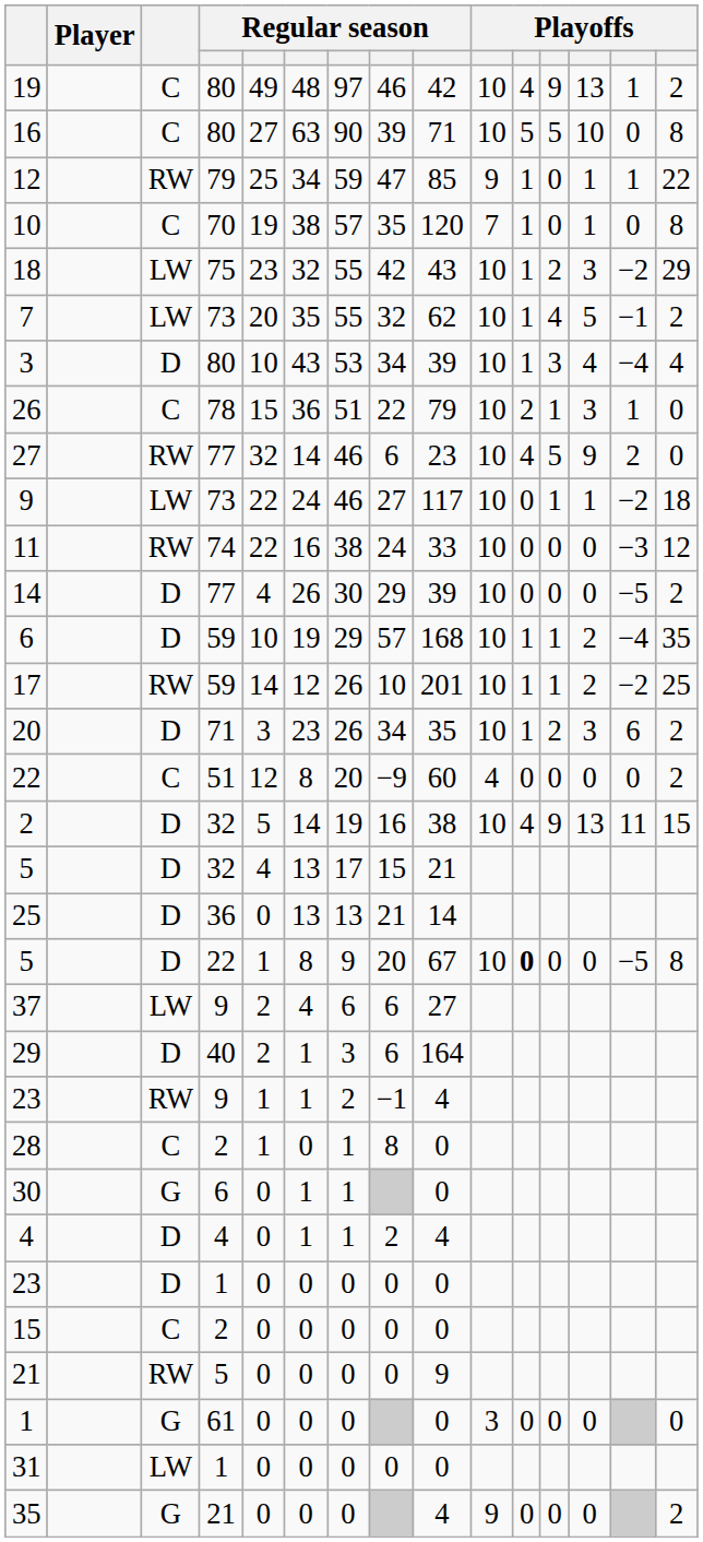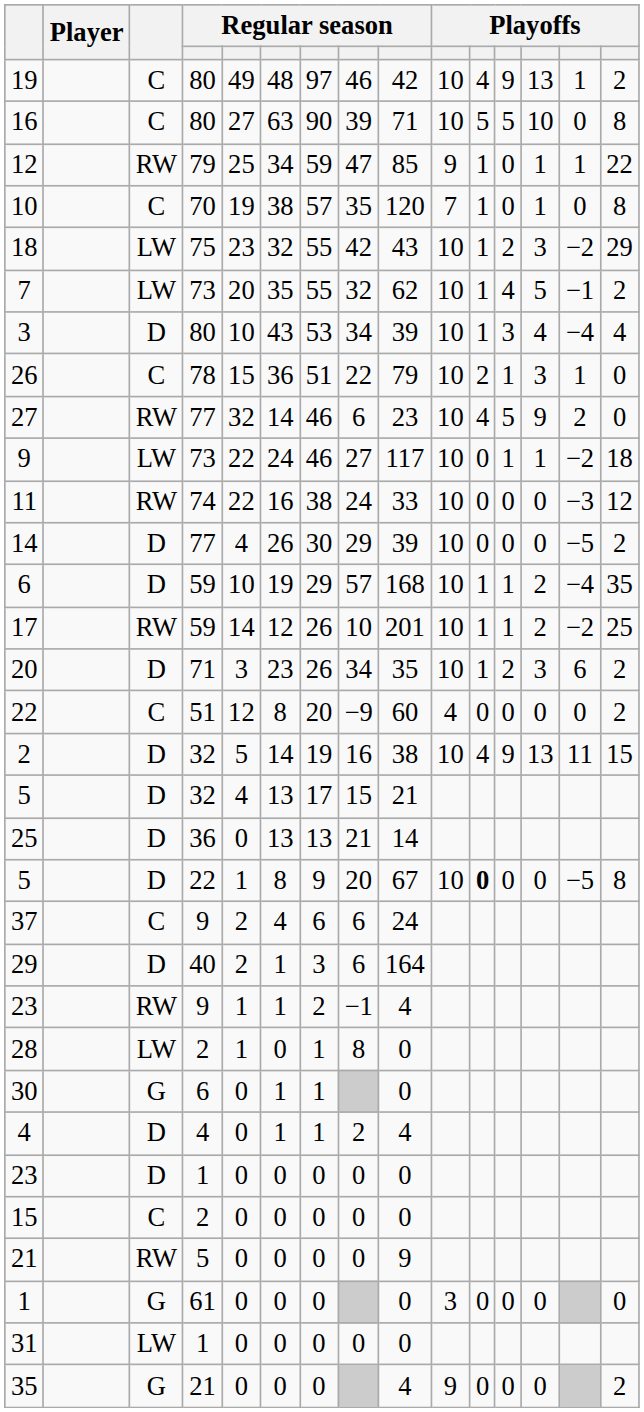 <table class="wikitable sortable plainrowheaders" style="text-align:center;">
 <tr>
 <th scope="col" data-sort-type="number" rowspan="2"></th>
 <th scope="col" rowspan="2">Player</th>
 <th scope="col" rowspan="2"></th>
 <th scope=colgroup colspan=6>Regular season</th>
 <th scope=colgroup colspan=6>Playoffs</th>
 </tr>
 <tr>
 <th scope="col" data-sort-type="number"></th>
 <th scope="col" data-sort-type="number"></th>
 <th scope="col" data-sort-type="number"></th>
 <th scope="col" data-sort-type="number"></th>
 <th scope="col" data-sort-type="number"></th>
 <th scope="col" data-sort-type="number"></th>
 <th scope="col" data-sort-type="number"></th>
 <th scope="col" data-sort-type="number"></th>
 <th scope="col" data-sort-type="number"></th>
 <th scope="col" data-sort-type="number"></th>
 <th scope="col" data-sort-type="number"></th>
 <th scope="col" data-sort-type="number"></th>
 </tr>
 <tr>
 <td scope="row">19</td>
 <td align="left"></td>
 <td>C</td>
 <td>80</td>
 <td>49</td>
 <td>48</td>
 <td>97</td>
 <td>46</td>
 <td>42</td>
 <td>10</td>
 <td>4</td>
 <td>9</td>
 <td>13</td>
 <td>1</td>
 <td>2</td>
 </tr>
 <tr>
 <td scope="row">16</td>
 <td align="left"></td>
 <td>C</td>
 <td>80</td>
 <td>27</td>
 <td>63</td>
 <td>90</td>
 <td>39</td>
 <td>71</td>
 <td>10</td>
 <td>5</td>
 <td>5</td>
 <td>10</td>
 <td>0</td>
 <td>8</td>
 </tr>
 <tr>
 <td scope="row">12</td>
 <td align="left"></td>
 <td>RW</td>
 <td>79</td>
 <td>25</td>
 <td>34</td>
 <td>59</td>
 <td>47</td>
 <td>85</td>
 <td>9</td>
 <td>1</td>
 <td>0</td>
 <td>1</td>
 <td>1</td>
 <td>22</td>
 </tr>
 <tr>
 <td scope="row">10</td>
 <td align="left"></td>
 <td>C</td>
 <td>70</td>
 <td>19</td>
 <td>38</td>
 <td>57</td>
 <td>35</td>
 <td>120</td>
 <td>7</td>
 <td>1</td>
 <td>0</td>
 <td>1</td>
 <td>0</td>
 <td>8</td>
 </tr>
 <tr>
 <td scope="row">18</td>
 <td align="left"></td>
 <td>LW</td>
 <td>75</td>
 <td>23</td>
 <td>32</td>
 <td>55</td>
 <td>42</td>
 <td>43</td>
 <td>10</td>
 <td>1</td>
 <td>2</td>
 <td>3</td>
 <td>−2</td>
 <td>29</td>
 </tr>
 <tr>
 <td scope="row">7</td>
 <td align="left"></td>
 <td>LW</td>
 <td>73</td>
 <td>20</td>
 <td>35</td>
 <td>55</td>
 <td>32</td>
 <td>62</td>
 <td>10</td>
 <td>1</td>
 <td>4</td>
 <td>5</td>
 <td>−1</td>
 <td>2</td>
 </tr>
 <tr>
 <td scope="row">3</td>
 <td align="left"></td>
 <td>D</td>
 <td>80</td>
 <td>10</td>
 <td>43</td>
 <td>53</td>
 <td>34</td>
 <td>39</td>
 <td>10</td>
 <td>1</td>
 <td>3</td>
 <td>4</td>
 <td>−4</td>
 <td>4</td>
 </tr>
 <tr>
 <td scope="row">26</td>
 <td align="left"></td>
 <td>C</td>
 <td>78</td>
 <td>15</td>
 <td>36</td>
 <td>51</td>
 <td>22</td>
 <td>79</td>
 <td>10</td>
 <td>2</td>
 <td>1</td>
 <td>3</td>
 <td>1</td>
 <td>0</td>
 </tr>
 <tr>
 <td scope="row">27</td>
 <td align="left"></td>
 <td>RW</td>
 <td>77</td>
 <td>32</td>
 <td>14</td>
 <td>46</td>
 <td>6</td>
 <td>23</td>
 <td>10</td>
 <td>4</td>
 <td>5</td>
 <td>9</td>
 <td>2</td>
 <td>0</td>
 </tr>
 <tr>
 <td scope="row">9</td>
 <td align="left"></td>
 <td>LW</td>
 <td>73</td>
 <td>22</td>
 <td>24</td>
 <td>46</td>
 <td>27</td>
 <td>117</td>
 <td>10</td>
 <td>0</td>
 <td>1</td>
 <td>1</td>
 <td>−2</td>
 <td>18</td>
 </tr>
 <tr>
 <td scope="row">11</td>
 <td align="left"></td>
 <td>RW</td>
 <td>74</td>
 <td>22</td>
 <td>16</td>
 <td>38</td>
 <td>24</td>
 <td>33</td>
 <td>10</td>
 <td>0</td>
 <td>0</td>
 <td>0</td>
 <td>−3</td>
 <td>12</td>
 </tr>
 <tr>
 <td scope="row">14</td>
 <td align="left"></td>
 <td>D</td>
 <td>77</td>
 <td>4</td>
 <td>26</td>
 <td>30</td>
 <td>29</td>
 <td>39</td>
 <td>10</td>
 <td>0</td>
 <td>0</td>
 <td>0</td>
 <td>−5</td>
 <td>2</td>
 </tr>
 <tr>
 <td scope="row">6</td>
 <td align="left"></td>
 <td>D</td>
 <td>59</td>
 <td>10</td>
 <td>19</td>
 <td>29</td>
 <td>57</td>
 <td>168</td>
 <td>10</td>
 <td>1</td>
 <td>1</td>
 <td>2</td>
 <td>−4</td>
 <td>35</td>
 </tr>
 <tr>
 <td scope="row">17</td>
 <td align="left"></td>
 <td>RW</td>
 <td>59</td>
 <td>14</td>
 <td>12</td>
 <td>26</td>
 <td>10</td>
 <td>201</td>
 <td>10</td>
 <td>1</td>
 <td>1</td>
 <td>2</td>
 <td>−2</td>
 <td>25</td>
 </tr>
 <tr>
 <td scope="row">20</td>
 <td align="left"></td>
 <td>D</td>
 <td>71</td>
 <td>3</td>
 <td>23</td>
 <td>26</td>
 <td>34</td>
 <td>35</td>
 <td>10</td>
 <td>1</td>
 <td>2</td>
 <td>3</td>
 <td>6</td>
 <td>2</td>
 </tr>
 <tr>
 <td scope="row">22</td>
 <td align="left"></td>
 <td>C</td>
 <td>51</td>
 <td>12</td>
 <td>8</td>
 <td>20</td>
 <td>−9</td>
 <td>60</td>
 <td>4</td>
 <td>0</td>
 <td>0</td>
 <td>0</td>
 <td>0</td>
 <td>2</td>
 </tr>
 <tr>
 <td scope="row">2</td>
 <td align="left"></td>
 <td>D</td>
 <td>32</td>
 <td>5</td>
 <td>14</td>
 <td>19</td>
 <td>16</td>
 <td>38</td>
 <td>10</td>
 <td>4</td>
 <td>9</td>
 <td>13</td>
 <td>11</td>
 <td>15</td>
 </tr>
 <tr>
 <td scope="row">5</td>
 <td align="left"></td>
 <td>D</td>
 <td>32</td>
 <td>4</td>
 <td>13</td>
 <td>17</td>
 <td>15</td>
 <td>21</td>
 <td></td>
 <td></td>
 <td></td>
 <td></td>
 <td></td>
 <td></td>
 </tr>
 <tr>
 <td scope="row">25</td>
 <td align="left"></td>
 <td>D</td>
 <td>36</td>
 <td>0</td>
 <td>13</td>
 <td>13</td>
 <td>21</td>
 <td>14</td>
 <td></td>
 <td></td>
 <td></td>
 <td></td>
 <td></td>
 <td></td>
 </tr>
 <tr>
 <td scope="row">5</td>
 <td align="left"></td>
 <td>D</td>
 <td>22</td>
 <td>1</td>
 <td>8</td>
 <td>9</td>
 <td>20</td>
 <td>67</td>
 <td>10</td>
 <td><strong>0</strong></td>
 <td>0</td>
 <td>0</td>
 <td>−5</td>
 <td>8</td>
 </tr>
 <tr>
 <td scope="row">37</td>
 <td align="left"></td>
-<td>LW</td>
+<td>C</td>
 <td>9</td>
 <td>2</td>
 <td>4</td>
 <td>6</td>
 <td>6</td>
-<td>27</td>
+<td>24</td>
 <td></td>
 <td></td>
 <td></td>
 <td></td>
 <td></td>
 <td></td>
 </tr>
 <tr>
 <td scope="row">29</td>
 <td align="left"></td>
 <td>D</td>
 <td>40</td>
 <td>2</td>
 <td>1</td>
 <td>3</td>
 <td>6</td>
 <td>164</td>
 <td></td>
 <td></td>
 <td></td>
 <td></td>
 <td></td>
 <td></td>
 </tr>
 <tr>
 <td scope="row">23</td>
 <td align="left"></td>
 <td>RW</td>
 <td>9</td>
 <td>1</td>
 <td>1</td>
 <td>2</td>
 <td>−1</td>
 <td>4</td>
 <td></td>
 <td></td>
 <td></td>
 <td></td>
 <td></td>
 <td></td>
 </tr>
 <tr>
 <td scope="row">28</td>
 <td align="left"></td>
-<td>C</td>
+<td>LW</td>
 <td>2</td>
 <td>1</td>
 <td>0</td>
 <td>1</td>
 <td>8</td>
 <td>0</td>
 <td></td>
 <td></td>
 <td></td>
 <td></td>
 <td></td>
 <td></td>
 </tr>
 <tr>
 <td scope="row">30</td>
 <td align="left"></td>
 <td>G</td>
 <td>6</td>
 <td>0</td>
 <td>1</td>
 <td>1</td>
 <td style="background:#ccc"></td>
 <td>0</td>
 <td></td>
 <td></td>
 <td></td>
 <td></td>
 <td></td>
 <td></td>
 </tr>
 <tr>
 <td scope="row">4</td>
 <td align="left"></td>
 <td>D</td>
 <td>4</td>
 <td>0</td>
 <td>1</td>
 <td>1</td>
 <td>2</td>
 <td>4</td>
 <td></td>
 <td></td>
 <td></td>
 <td></td>
 <td></td>
 <td></td>
 </tr>
 <tr>
 <td scope="row">23</td>
 <td align="left"></td>
 <td>D</td>
 <td>1</td>
 <td>0</td>
 <td>0</td>
 <td>0</td>
 <td>0</td>
 <td>0</td>
 <td></td>
 <td></td>
 <td></td>
 <td></td>
 <td></td>
 <td></td>
 </tr>
 <tr>
 <td scope="row">15</td>
 <td align="left"></td>
 <td>C</td>
 <td>2</td>
 <td>0</td>
 <td>0</td>
 <td>0</td>
 <td>0</td>
 <td>0</td>
 <td></td>
 <td></td>
 <td></td>
 <td></td>
 <td></td>
 <td></td>
 </tr>
 <tr>
 <td scope="row">21</td>
 <td align="left"></td>
 <td>RW</td>
 <td>5</td>
 <td>0</td>
 <td>0</td>
 <td>0</td>
 <td>0</td>
 <td>9</td>
 <td></td>
 <td></td>
 <td></td>
 <td></td>
 <td></td>
 <td></td>
 </tr>
 <tr>
 <td scope="row">1</td>
 <td align="left"></td>
 <td>G</td>
 <td>61</td>
 <td>0</td>
 <td>0</td>
 <td>0</td>
 <td style="background:#ccc"></td>
 <td>0</td>
 <td>3</td>
 <td>0</td>
 <td>0</td>
 <td>0</td>
 <td style="background:#ccc"></td>
 <td>0</td>
 </tr>
 <tr>
 <td scope="row">31</td>
 <td align="left"></td>
 <td>LW</td>
 <td>1</td>
 <td>0</td>
 <td>0</td>
 <td>0</td>
 <td>0</td>
 <td>0</td>
 <td></td>
 <td></td>
 <td></td>
 <td></td>
 <td></td>
 <td></td>
 </tr>
 <tr>
 <td scope="row">35</td>
 <td align="left"></td>
 <td>G</td>
 <td>21</td>
 <td>0</td>
 <td>0</td>
 <td>0</td>
 <td style="background:#ccc"></td>
 <td>4</td>
 <td>9</td>
 <td>0</td>
 <td>0</td>
 <td>0</td>
 <td style="background:#ccc"></td>
 <td>2</td>
 </tr>
 </table>
